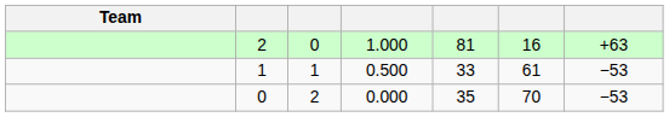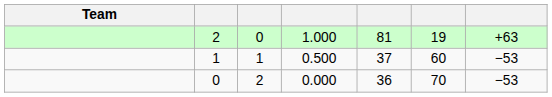 <table class="wikitable" style="text-align:center; width:50%">
 <tr>
 <th width="35%">Team</th>
 <th width="8%"></th>
 <th width="8%"></th>
 <th width="14%"></th>
 <th width="10%"></th>
 <th width="10%"></th>
 <th width="15%"></th>
 </tr>
 <tr style="background:#CCFFCC;">
 <td style="text-align:left;"></td>
 <td>2</td>
 <td>0</td>
 <td>1.000</td>
 <td>81</td>
-<td>16</td>
+<td>19</td>
 <td>+63</td>
 </tr>
 <tr>
 <td style="text-align:left;"></td>
 <td>1</td>
 <td>1</td>
 <td>0.500</td>
-<td>33</td>
-<td>61</td>
+<td>37</td>
+<td>60</td>
 <td>−53</td>
 </tr>
 <tr>
 <td style="text-align:left;"></td>
 <td>0</td>
 <td>2</td>
 <td>0.000</td>
-<td>35</td>
+<td>36</td>
 <td>70</td>
 <td>−53</td>
 </tr>
 </table>
